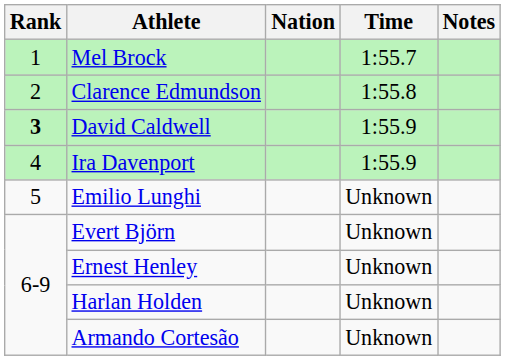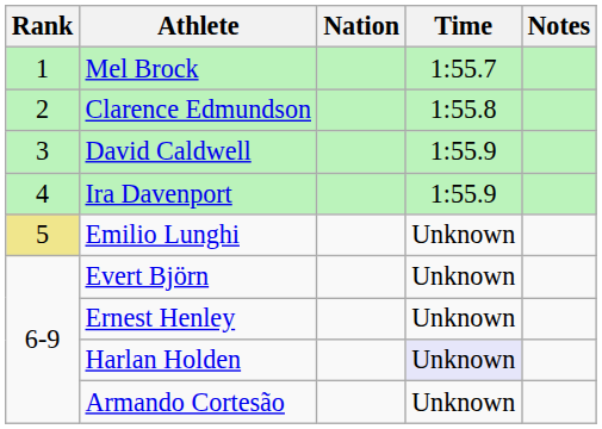 <table class="wikitable sortable" style="text-align:center">
 <tr>
 <th>Rank</th>
 <th>Athlete</th>
 <th>Nation</th>
 <th>Time</th>
 <th>Notes</th>
 </tr>
 <tr bgcolor=bbf3bb>
 <td>1</td>
 <td align=left><a href='#'>Mel Brock</a></td>
 <td align=left></td>
 <td>1:55.7</td>
 <td></td>
 </tr>
 <tr bgcolor=bbf3bb>
 <td>2</td>
 <td align=left><a href='#'>Clarence Edmundson</a></td>
 <td align=left></td>
 <td>1:55.8</td>
 <td></td>
 </tr>
 <tr bgcolor=bbf3bb>
-<td><strong>3</strong></td>
+<td>3</td>
 <td align=left><a href='#'>David Caldwell</a></td>
 <td align=left></td>
 <td>1:55.9</td>
 <td></td>
 </tr>
 <tr bgcolor=bbf3bb>
 <td>4</td>
 <td align=left><a href='#'>Ira Davenport</a></td>
 <td align=left></td>
 <td>1:55.9</td>
 <td></td>
 </tr>
 <tr>
-<td>5</td>
+<td style="background: khaki;">5</td>
 <td align=left><a href='#'>Emilio Lunghi</a></td>
 <td align=left></td>
 <td data-sort-value=2:00.0>Unknown</td>
 <td></td>
 </tr>
 <tr>
 <td rowspan=4>6-9</td>
 <td align=left><a href='#'>Evert Björn</a></td>
 <td align=left></td>
 <td data-sort-value=3:00.0>Unknown</td>
 <td></td>
 </tr>
 <tr>
 <td align=left><a href='#'>Ernest Henley</a></td>
 <td align=left></td>
 <td data-sort-value=3:00.0>Unknown</td>
 <td></td>
 </tr>
 <tr>
 <td align=left><a href='#'>Harlan Holden</a></td>
 <td align=left></td>
-<td data-sort-value=3:00.0>Unknown</td>
+<td data-sort-value=3:00.0 style="background: lavender;">Unknown</td>
 <td></td>
 </tr>
 <tr>
 <td align=left><a href='#'>Armando Cortesão</a></td>
 <td align=left></td>
 <td data-sort-value=3:00.0>Unknown</td>
 <td></td>
 </tr>
 </table>
